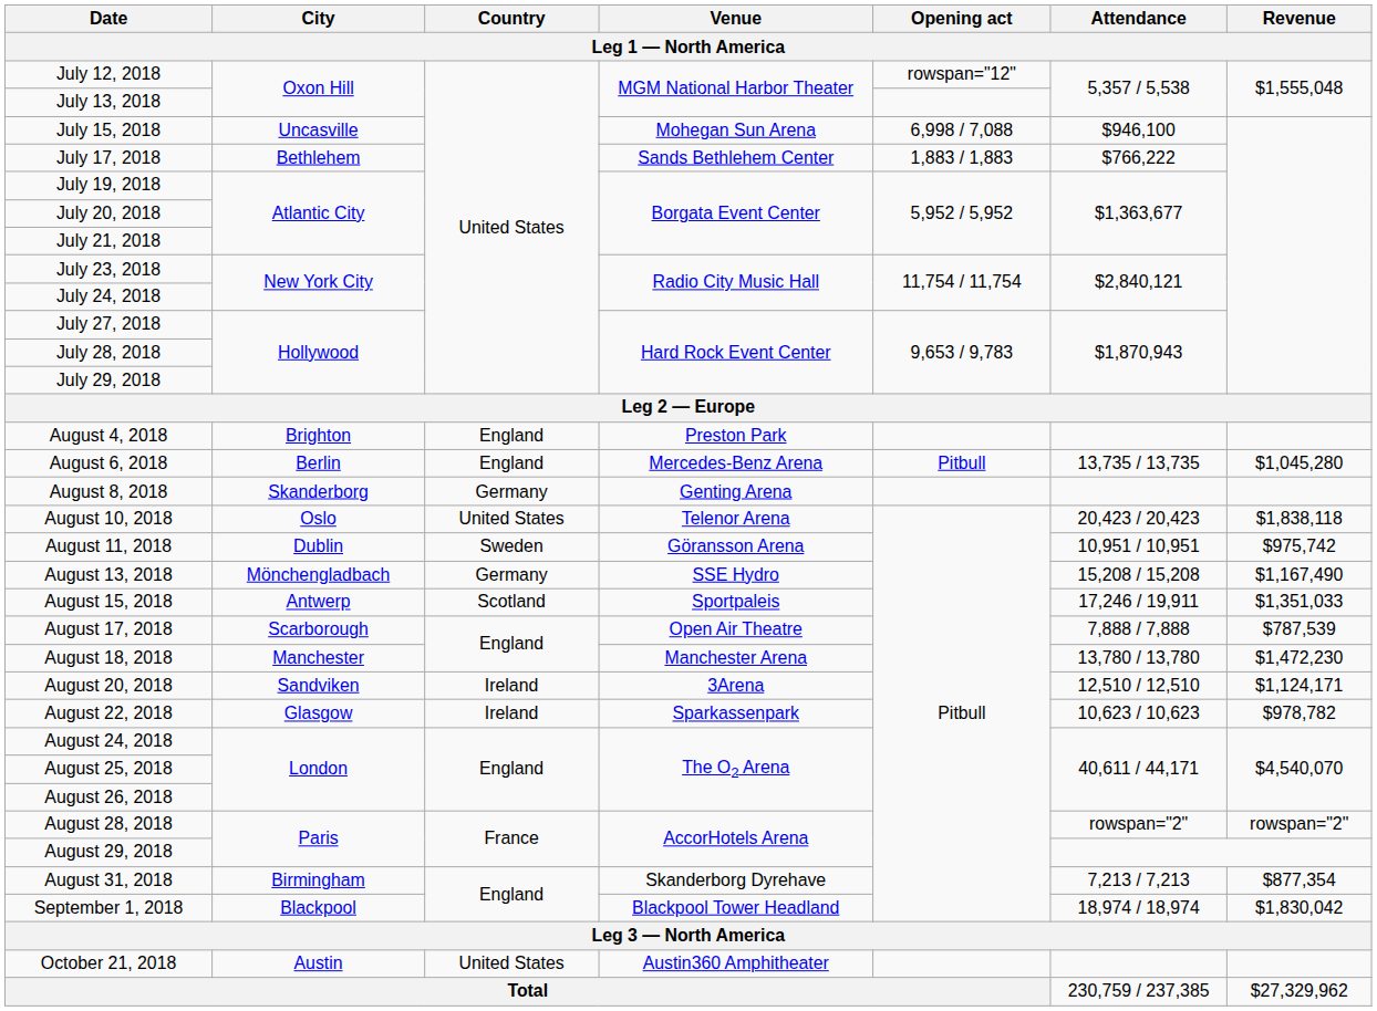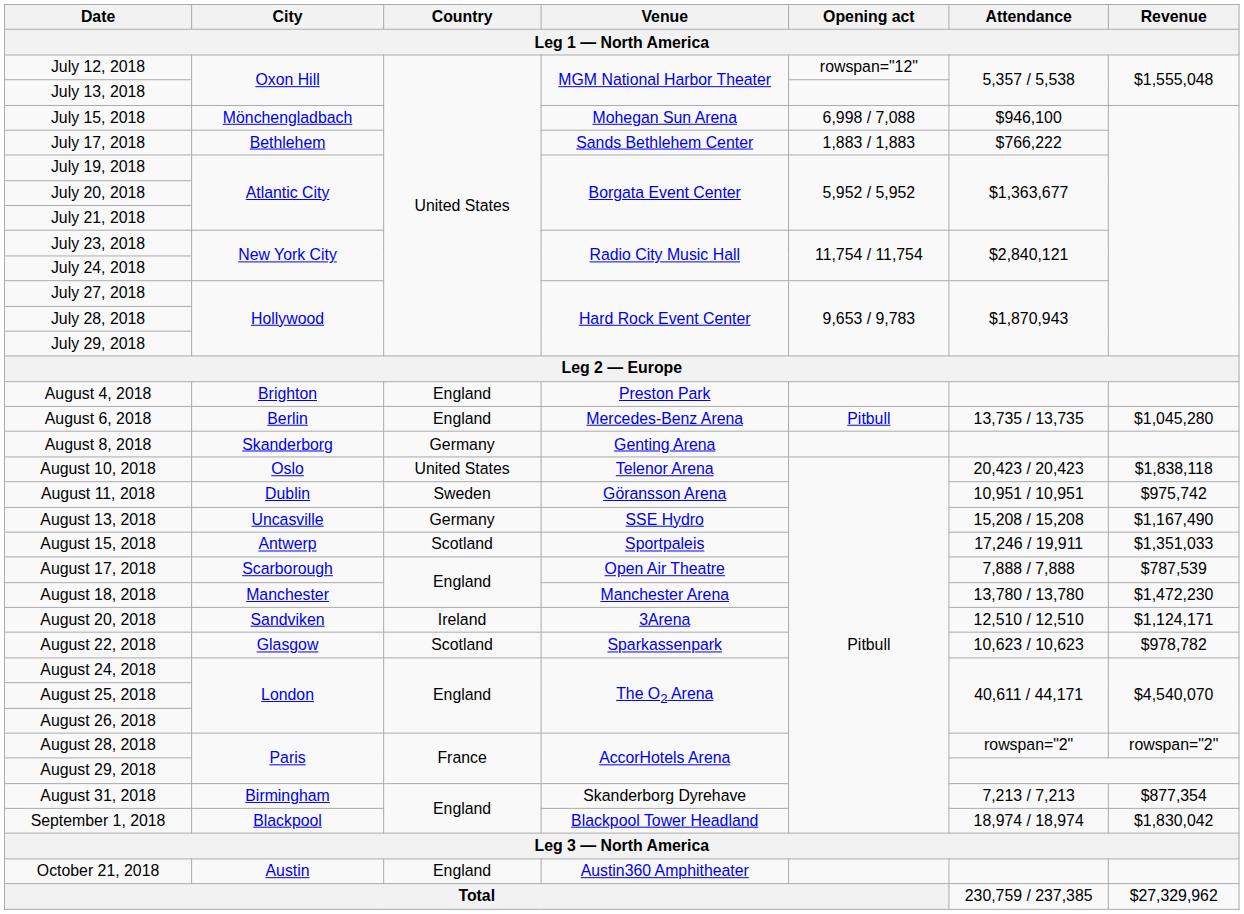 <table class="wikitable plainrowheaders" style="text-align:center;">
 <tr>
 <th scope="col" style="width:12em;">Date</th>
 <th scope="col" style="width:12em;">City</th>
 <th scope="col" style="width:10em;">Country</th>
 <th scope="col" style="width:16em;">Venue</th>
 <th scope="col" style="width:10em;">Opening act</th>
 <th scope="col" style="width:10em;">Attendance</th>
 <th scope="col" style="width:8em;">Revenue</th>
 </tr>
 <tr>
 <th colspan="7">Leg 1 — North America</th>
 </tr>
 <tr>
 <td>July 12, 2018</td>
 <td rowspan="2"><a href='#'>Oxon Hill</a></td>
 <td rowspan="12">United States</td>
 <td rowspan="2"><a href='#'>MGM National Harbor Theater</a></td>
 <td>rowspan="12" </td>
 <td rowspan="2">5,357 / 5,538</td>
 <td rowspan="2">$1,555,048</td>
 </tr>
 <tr>
 <td>July 13, 2018</td>
 </tr>
 <tr>
 <td>July 15, 2018</td>
-<td><a href='#'>Uncasville</a></td>
+<td><a href='#'>Mönchengladbach</a></td>
 <td><a href='#'>Mohegan Sun Arena</a></td>
 <td>6,998 / 7,088</td>
 <td>$946,100</td>
 </tr>
 <tr>
 <td>July 17, 2018</td>
 <td><a href='#'>Bethlehem</a></td>
 <td><a href='#'>Sands Bethlehem Center</a></td>
 <td>1,883 / 1,883</td>
 <td>$766,222</td>
 </tr>
 <tr>
 <td>July 19, 2018</td>
 <td rowspan="3"><a href='#'>Atlantic City</a></td>
 <td rowspan="3"><a href='#'>Borgata Event Center</a></td>
 <td rowspan="3">5,952 / 5,952</td>
 <td rowspan="3">$1,363,677</td>
 </tr>
 <tr>
 <td>July 20, 2018</td>
 </tr>
 <tr>
 <td>July 21, 2018</td>
 </tr>
 <tr>
 <td>July 23, 2018</td>
 <td rowspan="2"><a href='#'>New York City</a></td>
 <td rowspan="2"><a href='#'>Radio City Music Hall</a></td>
 <td rowspan="2">11,754 / 11,754</td>
 <td rowspan="2">$2,840,121</td>
 </tr>
 <tr>
 <td>July 24, 2018</td>
 </tr>
 <tr>
 <td>July 27, 2018</td>
 <td rowspan="3"><a href='#'>Hollywood</a></td>
 <td rowspan="3"><a href='#'>Hard Rock Event Center</a></td>
 <td rowspan="3">9,653 / 9,783</td>
 <td rowspan="3">$1,870,943</td>
 </tr>
 <tr>
 <td>July 28, 2018</td>
 </tr>
 <tr>
 <td>July 29, 2018</td>
 </tr>
 <tr>
 <th colspan="7">Leg 2 — Europe</th>
 </tr>
 <tr>
 <td>August 4, 2018</td>
 <td><a href='#'>Brighton</a></td>
 <td>England</td>
 <td><a href='#'>Preston Park</a></td>
 <td></td>
 <td></td>
 <td></td>
 </tr>
 <tr>
 <td>August 6, 2018</td>
 <td><a href='#'>Berlin</a></td>
 <td>England</td>
 <td><a href='#'>Mercedes-Benz Arena</a></td>
 <td><a href='#'>Pitbull</a></td>
 <td>13,735 / 13,735</td>
 <td>$1,045,280</td>
 </tr>
 <tr>
 <td>August 8, 2018</td>
 <td><a href='#'>Skanderborg</a></td>
 <td>Germany</td>
 <td><a href='#'>Genting Arena</a></td>
 <td></td>
 <td></td>
 <td></td>
 </tr>
 <tr>
 <td>August 10, 2018</td>
 <td><a href='#'>Oslo</a></td>
 <td>United States</td>
 <td><a href='#'>Telenor Arena</a></td>
 <td rowspan="15">Pitbull</td>
 <td>20,423 / 20,423</td>
 <td>$1,838,118</td>
 </tr>
 <tr>
 <td>August 11, 2018</td>
 <td><a href='#'>Dublin</a></td>
 <td>Sweden</td>
 <td><a href='#'>Göransson Arena</a></td>
 <td>10,951 / 10,951</td>
 <td>$975,742</td>
 </tr>
 <tr>
 <td>August 13, 2018</td>
-<td><a href='#'>Mönchengladbach</a></td>
+<td><a href='#'>Uncasville</a></td>
 <td>Germany</td>
 <td><a href='#'>SSE Hydro</a></td>
 <td>15,208 / 15,208</td>
 <td>$1,167,490</td>
 </tr>
 <tr>
 <td>August 15, 2018</td>
 <td><a href='#'>Antwerp</a></td>
 <td>Scotland</td>
 <td><a href='#'>Sportpaleis</a></td>
 <td>17,246 / 19,911</td>
 <td>$1,351,033</td>
 </tr>
 <tr>
 <td>August 17, 2018</td>
 <td><a href='#'>Scarborough</a></td>
 <td rowspan="2">England</td>
 <td><a href='#'>Open Air Theatre</a></td>
 <td>7,888 / 7,888</td>
 <td>$787,539</td>
 </tr>
 <tr>
 <td>August 18, 2018</td>
 <td><a href='#'>Manchester</a></td>
 <td><a href='#'>Manchester Arena</a></td>
 <td>13,780 / 13,780</td>
 <td>$1,472,230</td>
 </tr>
 <tr>
 <td>August 20, 2018</td>
 <td><a href='#'>Sandviken</a></td>
 <td>Ireland</td>
 <td><a href='#'>3Arena</a></td>
 <td>12,510 / 12,510</td>
 <td>$1,124,171</td>
 </tr>
 <tr>
 <td>August 22, 2018</td>
 <td><a href='#'>Glasgow</a></td>
-<td>Ireland</td>
+<td>Scotland</td>
 <td><a href='#'>Sparkassenpark</a></td>
 <td>10,623 / 10,623</td>
 <td>$978,782</td>
 </tr>
 <tr>
 <td>August 24, 2018</td>
 <td rowspan="3"><a href='#'>London</a></td>
 <td rowspan="3">England</td>
 <td rowspan="3"><a href='#'>The O<sub>2</sub> Arena</a></td>
 <td rowspan="3">40,611 / 44,171</td>
 <td rowspan="3">$4,540,070</td>
 </tr>
 <tr>
 <td>August 25, 2018</td>
 </tr>
 <tr>
 <td>August 26, 2018</td>
 </tr>
 <tr>
 <td>August 28, 2018</td>
 <td rowspan="2"><a href='#'>Paris</a></td>
 <td rowspan="2">France</td>
 <td rowspan="2"><a href='#'>AccorHotels Arena</a></td>
 <td>rowspan="2" </td>
 <td>rowspan="2" </td>
 </tr>
 <tr>
 <td>August 29, 2018</td>
 </tr>
 <tr>
 <td>August 31, 2018</td>
 <td><a href='#'>Birmingham</a></td>
 <td rowspan="2">England</td>
 <td>Skanderborg Dyrehave</td>
 <td>7,213 / 7,213</td>
 <td>$877,354</td>
 </tr>
 <tr>
 <td>September 1, 2018</td>
 <td><a href='#'>Blackpool</a></td>
 <td><a href='#'>Blackpool Tower Headland</a></td>
 <td>18,974 / 18,974</td>
 <td>$1,830,042</td>
 </tr>
 <tr>
 <th colspan="7">Leg 3 — North America</th>
 </tr>
 <tr>
 <td>October 21, 2018</td>
 <td><a href='#'>Austin</a></td>
-<td>United States</td>
+<td>England</td>
 <td><a href='#'>Austin360 Amphitheater</a></td>
 <td></td>
 <td></td>
 <td></td>
 </tr>
 <tr>
 <th colspan="5">Total</th>
 <td>230,759 / 237,385</td>
 <td>$27,329,962</td>
 </tr>
 </table>
